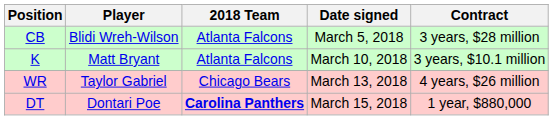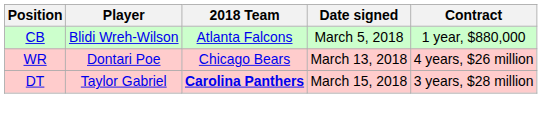 <table class="wikitable" style="text-align:center">
 <tr>
 <th>Position</th>
 <th>Player</th>
 <th>2018 Team</th>
 <th>Date signed</th>
 <th>Contract</th>
 </tr>
 <tr style="background:#cfc">
 <td><a href='#'>CB</a></td>
 <td><a href='#'>Blidi Wreh-Wilson</a></td>
 <td><a href='#'>Atlanta Falcons</a></td>
 <td>March 5, 2018</td>
-<td>3 years, $28 million</td>
-</tr>
-<tr style="background:#cfc">
-<td><a href='#'>K</a></td>
-<td><a href='#'>Matt Bryant</a></td>
-<td><a href='#'>Atlanta Falcons</a></td>
-<td>March 10, 2018</td>
-<td>3 years, $10.1 million</td>
+<td>1 year, $880,000</td>
 </tr>
 <tr style="background:#fcc">
 <td><a href='#'>WR</a></td>
-<td><a href='#'>Taylor Gabriel</a></td>
+<td><a href='#'>Dontari Poe</a></td>
 <td><a href='#'>Chicago Bears</a></td>
 <td>March 13, 2018</td>
 <td>4 years, $26 million</td>
 </tr>
 <tr style="background:#fcc">
 <td><a href='#'>DT</a></td>
-<td><a href='#'>Dontari Poe</a></td>
+<td><a href='#'>Taylor Gabriel</a></td>
 <td><strong><a href='#'>Carolina Panthers</a></strong></td>
 <td>March 15, 2018</td>
-<td>1 year, $880,000</td>
+<td>3 years, $28 million</td>
 </tr>
 </table>
